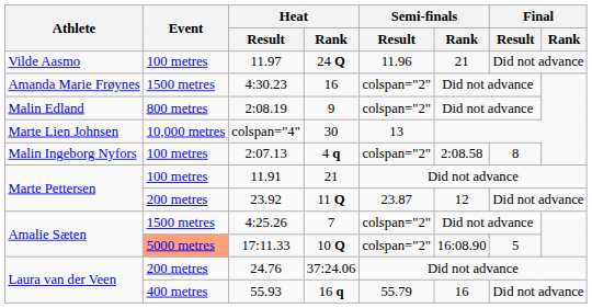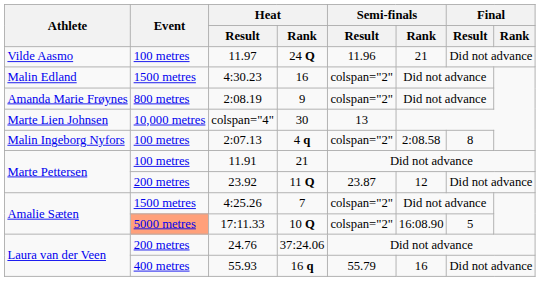 <table class="wikitable" style="font-size:90%; text-align:center">
 <tr>
 <th rowspan="2">Athlete</th>
 <th rowspan="2">Event</th>
 <th colspan="2">Heat</th>
 <th colspan="2">Semi-finals</th>
 <th colspan="2">Final</th>
 </tr>
 <tr>
 <th>Result</th>
 <th>Rank</th>
 <th>Result</th>
 <th>Rank</th>
 <th>Result</th>
 <th>Rank</th>
 </tr>
 <tr>
 <td align="left"><a href='#'>Vilde Aasmo</a></td>
 <td align="left"><a href='#'>100 metres</a></td>
 <td>11.97</td>
 <td>24 <strong>Q</strong></td>
 <td>11.96</td>
 <td>21</td>
 <td colspan="2">Did not advance</td>
 </tr>
 <tr>
-<td align="left"><a href='#'>Amanda Marie Frøynes</a></td>
+<td align="left"><a href='#'>Malin Edland</a></td>
 <td align="left"><a href='#'>1500 metres</a></td>
 <td>4:30.23</td>
 <td>16</td>
 <td>colspan="2" </td>
 <td colspan="2">Did not advance</td>
 </tr>
 <tr>
-<td align="left"><a href='#'>Malin Edland</a></td>
+<td align="left"><a href='#'>Amanda Marie Frøynes</a></td>
 <td align="left"><a href='#'>800 metres</a></td>
 <td>2:08.19</td>
 <td>9</td>
 <td>colspan="2" </td>
 <td colspan="2">Did not advance</td>
 </tr>
 <tr>
 <td align="left"><a href='#'>Marte Lien Johnsen</a></td>
 <td align="left"><a href='#'>10,000 metres</a></td>
 <td>colspan="4" </td>
 <td>30</td>
 <td>13</td>
 </tr>
 <tr>
 <td align="left"><a href='#'>Malin Ingeborg Nyfors</a></td>
 <td align="left"><a href='#'>100 metres</a></td>
 <td>2:07.13</td>
 <td>4 <strong>q</strong></td>
 <td>colspan="2" </td>
 <td>2:08.58</td>
 <td>8</td>
 </tr>
 <tr>
 <td align="left" rowspan=2><a href='#'>Marte Pettersen</a></td>
 <td align="left"><a href='#'>100 metres</a></td>
 <td>11.91</td>
 <td>21</td>
 <td colspan="4">Did not advance</td>
 </tr>
 <tr>
 <td align="left"><a href='#'>200 metres</a></td>
 <td>23.92</td>
 <td>11 <strong>Q</strong></td>
 <td>23.87</td>
 <td>12</td>
 <td colspan="2">Did not advance</td>
 </tr>
 <tr>
 <td align="left" rowspan=2><a href='#'>Amalie Sæten</a></td>
 <td align="left"><a href='#'>1500 metres</a></td>
 <td>4:25.26</td>
 <td>7</td>
 <td>colspan="2" </td>
 <td colspan="2">Did not advance</td>
 </tr>
 <tr>
 <td align="left" style="background: lightsalmon;"><a href='#'>5000 metres</a></td>
 <td>17:11.33</td>
 <td>10 <strong>Q</strong></td>
 <td>colspan="2" </td>
 <td>16:08.90</td>
 <td>5</td>
 </tr>
 <tr>
 <td align="left" rowspan=2><a href='#'>Laura van der Veen</a></td>
 <td align="left"><a href='#'>200 metres</a></td>
 <td>24.76 </td>
 <td>37:24.06</td>
 <td colspan="4">Did not advance</td>
 </tr>
 <tr>
 <td align="left"><a href='#'>400 metres</a></td>
 <td>55.93</td>
 <td>16 <strong>q</strong></td>
 <td>55.79</td>
 <td>16</td>
 <td colspan="2">Did not advance</td>
 </tr>
 </table>
